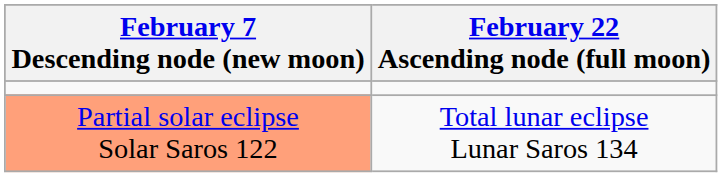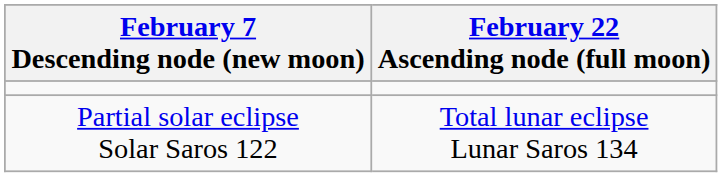 <table class="wikitable">
 <tr>
 <th><a href='#'>February 7</a><br>Descending node (new moon)<br></th>
 <th><a href='#'>February 22</a><br>Ascending node (full moon)<br></th>
 </tr>
 <tr>
 <td></td>
 <td></td>
 </tr>
 <tr align=center>
-<td style="background: lightsalmon;"><a href='#'>Partial solar eclipse</a><br>Solar Saros 122</td>
+<td><a href='#'>Partial solar eclipse</a><br>Solar Saros 122</td>
 <td><a href='#'>Total lunar eclipse</a><br>Lunar Saros 134</td>
 </tr>
 </table>
